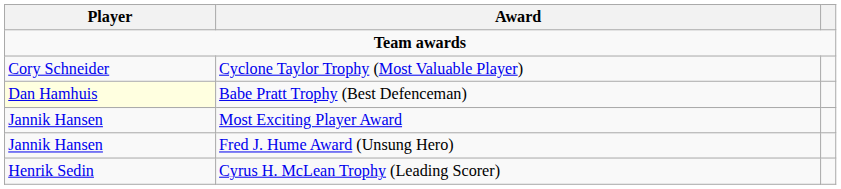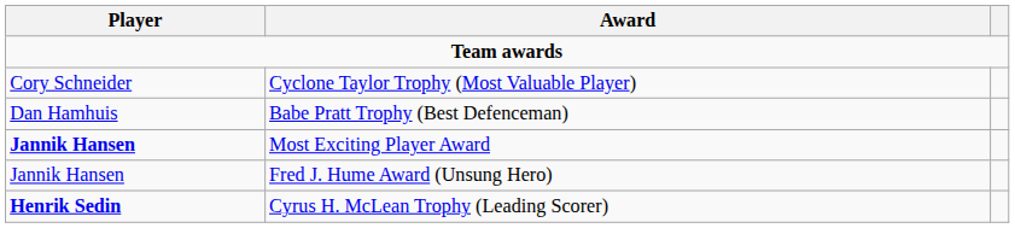 <table class="wikitable" style="width:52%;">
 <tr>
 <th>Player</th>
 <th>Award</th>
 <th></th>
 </tr>
 <tr>
 <td colspan="4" style="text-align:center;"><strong>Team awards</strong></td>
 </tr>
 <tr>
 <td><a href='#'>Cory Schneider</a></td>
 <td><a href='#'>Cyclone Taylor Trophy</a> (<a href='#'>Most Valuable Player</a>)</td>
 <td></td>
 </tr>
 <tr>
-<td style="background: lightyellow;"><a href='#'>Dan Hamhuis</a></td>
+<td><a href='#'>Dan Hamhuis</a></td>
 <td><a href='#'>Babe Pratt Trophy</a> (Best Defenceman)</td>
 <td></td>
 </tr>
 <tr>
-<td><a href='#'>Jannik Hansen</a></td>
+<td><strong><a href='#'>Jannik Hansen</a></strong></td>
 <td><a href='#'>Most Exciting Player Award</a></td>
 <td></td>
 </tr>
 <tr>
 <td><a href='#'>Jannik Hansen</a></td>
 <td><a href='#'>Fred J. Hume Award</a> (Unsung Hero)</td>
 <td></td>
 </tr>
 <tr>
-<td><a href='#'>Henrik Sedin</a></td>
+<td><strong><a href='#'>Henrik Sedin</a></strong></td>
 <td><a href='#'>Cyrus H. McLean Trophy</a> (Leading Scorer)</td>
 <td></td>
 </tr>
 </table>
